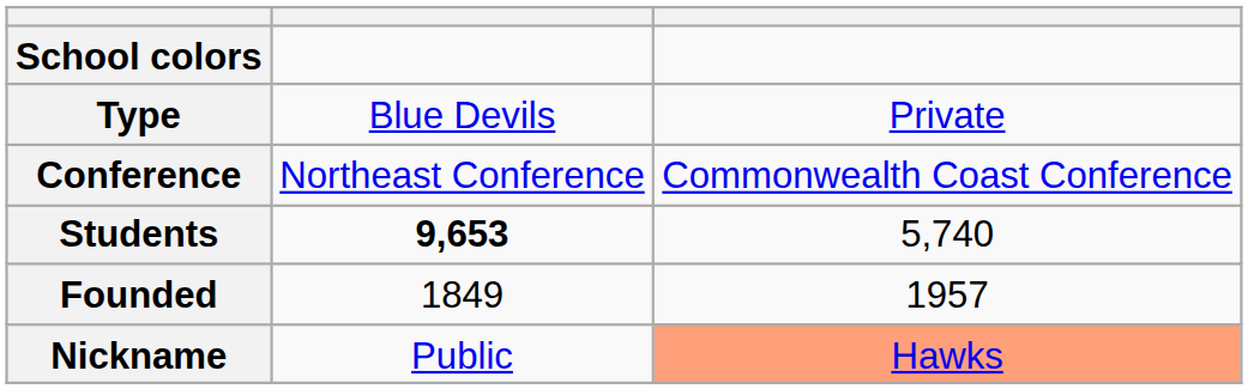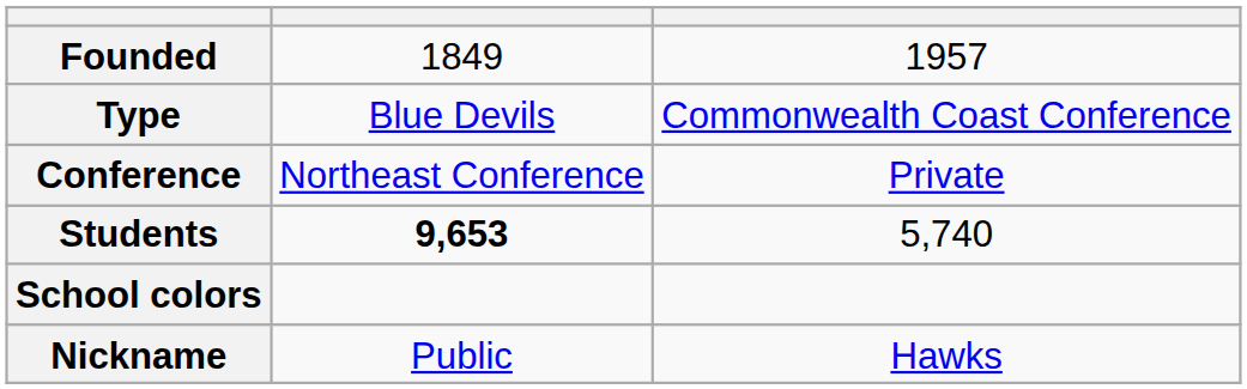 <table class="wikitable" style="float:right; clear:right; margin-left:1em; font-size:88%;">
 <tr>
 <th></th>
 <th><a href='#'></a></th>
 <th><a href='#'></a></th>
 </tr>
 <tr>
-<th scope=row>School colors</th>
-<td align=center></td>
-<td align=center></td>
+<th scope=row>Founded</th>
+<td align=center>1849</td>
+<td align=center>1957</td>
 </tr>
 <tr>
 <th scope=row>Type</th>
 <td align=center><a href='#'>Blue Devils</a></td>
-<td align=center><a href='#'>Private</a></td>
+<td align=center><a href='#'>Commonwealth Coast Conference</a></td>
 </tr>
 <tr>
 <th scope=row>Conference</th>
 <td align=center><a href='#'>Northeast Conference</a></td>
-<td align=center><a href='#'>Commonwealth Coast Conference</a></td>
+<td align=center><a href='#'>Private</a></td>
 </tr>
 <tr>
 <th scope=row>Students</th>
 <td align=center><strong>9,653</strong></td>
 <td align=center>5,740</td>
 </tr>
 <tr>
-<th scope=row>Founded</th>
-<td align=center>1849</td>
-<td align=center>1957</td>
+<th scope=row>School colors</th>
+<td align=center></td>
+<td align=center></td>
 </tr>
 <tr>
 <th scope=row>Nickname</th>
 <td align=center><a href='#'>Public</a></td>
-<td align=center style="background: lightsalmon;"><a href='#'>Hawks</a></td>
+<td align=center><a href='#'>Hawks</a></td>
 </tr>
 </table>
